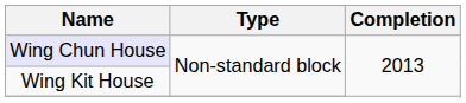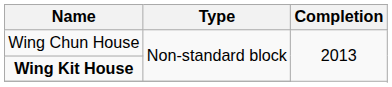 <table class="wikitable" style="text-align: center">
 <tr>
 <th>Name</th>
 <th>Type</th>
 <th>Completion</th>
 </tr>
 <tr>
-<td style="background: lavender;">Wing Chun House</td>
+<td>Wing Chun House</td>
 <td rowspan="2">Non-standard block</td>
 <td rowspan="7">2013</td>
 </tr>
 <tr>
-<td>Wing Kit House</td>
+<td><strong>Wing Kit House</strong></td>
 </tr>
 <tr>
 </tr>
 </table>
